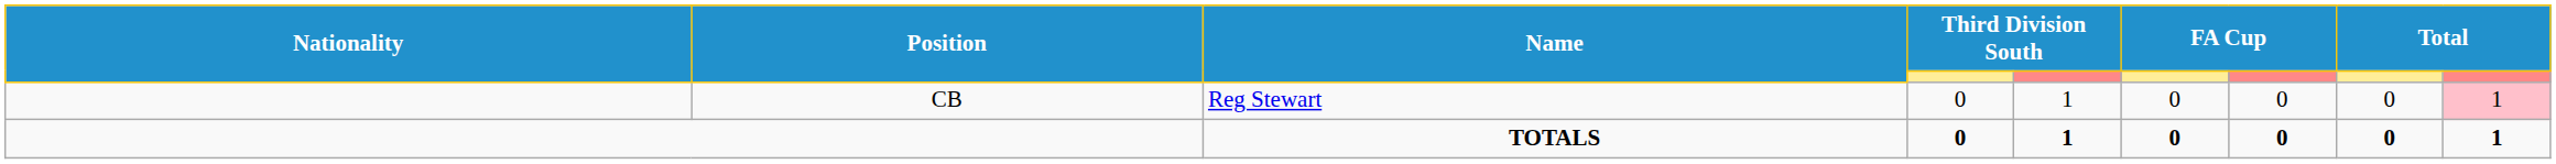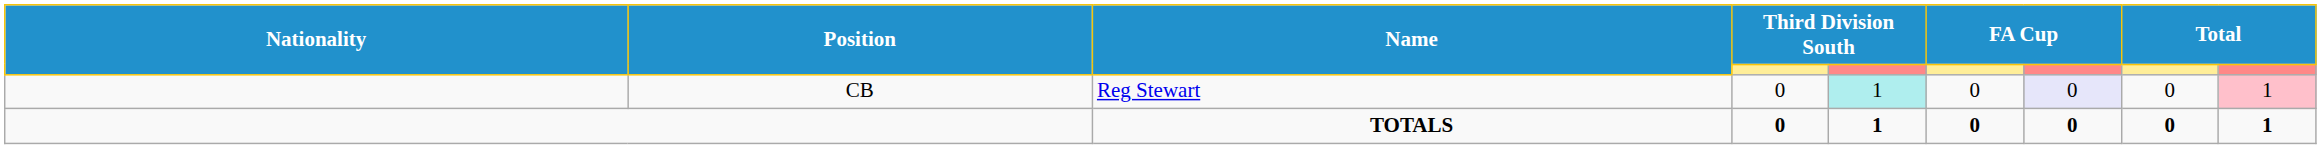 <table class="wikitable" style="text-align:center; font-size:90%; width:100%;">
 <tr>
 <th rowspan="2" style="background:#2191CC; color:white; border:1px solid #F7C408; text-align:center;">Nationality</th>
 <th rowspan="2" style="background:#2191CC; color:white; border:1px solid #F7C408; text-align:center;">Position</th>
 <th rowspan="2" style="background:#2191CC; color:white; border:1px solid #F7C408; text-align:center;">Name</th>
 <th colspan="2" style="background:#2191CC; color:white; border:1px solid #F7C408; text-align:center;">Third Division South</th>
 <th colspan="2" style="background:#2191CC; color:white; border:1px solid #F7C408; text-align:center;">FA Cup</th>
 <th colspan="2" style="background:#2191CC; color:white; border:1px solid #F7C408; text-align:center;">Total</th>
 </tr>
 <tr>
 <th width=60 style="background: #FFEE99"></th>
 <th width=60 style="background: #FF8888"></th>
 <th width=60 style="background: #FFEE99"></th>
 <th width=60 style="background: #FF8888"></th>
 <th width=60 style="background: #FFEE99"></th>
 <th width=60 style="background: #FF8888"></th>
 </tr>
 <tr>
 <td></td>
 <td>CB</td>
 <td align="left"><a href='#'>Reg Stewart</a></td>
 <td>0</td>
-<td>1</td>
+<td style="background: paleturquoise;">1</td>
 <td>0</td>
-<td>0</td>
+<td style="background: lavender;">0</td>
 <td>0</td>
 <td style="background: pink;">1</td>
 </tr>
 <tr>
 <td colspan="2"></td>
 <td><strong>TOTALS</strong></td>
 <td><strong>0</strong></td>
 <td><strong>1</strong></td>
 <td><strong>0</strong></td>
 <td><strong>0</strong></td>
 <td><strong>0</strong></td>
 <td><strong>1</strong></td>
 </tr>
 </table>
